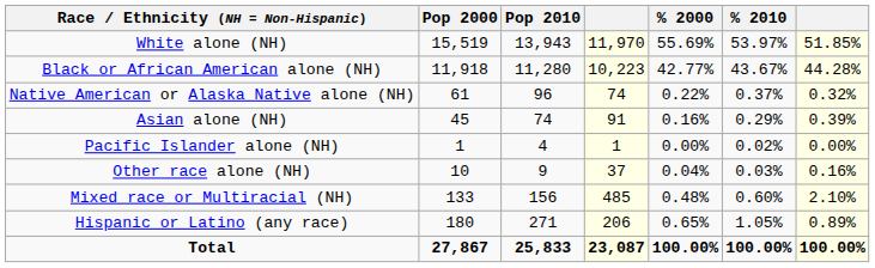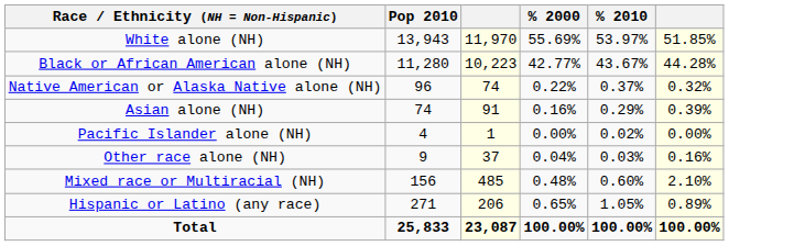 <table class="wikitable" style="text-align:center;">
 <tr>
 <th>Race / Ethnicity <small>(<em>NH = Non-Hispanic</em>)</small></th>
-<th>Pop 2000</th>
 <th>Pop 2010</th>
 <th></th>
 <th>% 2000</th>
 <th>% 2010</th>
 <th></th>
 </tr>
 <tr>
 <td><a href='#'>White</a> alone (NH)</td>
-<td>15,519</td>
 <td>13,943</td>
 <td style='background: #ffffe6;'>11,970</td>
 <td>55.69%</td>
 <td>53.97%</td>
 <td style='background: #ffffe6;'>51.85%</td>
 </tr>
 <tr>
 <td><a href='#'>Black or African American</a> alone (NH)</td>
-<td>11,918</td>
 <td>11,280</td>
 <td style='background: #ffffe6;'>10,223</td>
 <td>42.77%</td>
 <td>43.67%</td>
 <td style='background: #ffffe6;'>44.28%</td>
 </tr>
 <tr>
 <td><a href='#'>Native American</a> or <a href='#'>Alaska Native</a> alone (NH)</td>
-<td>61</td>
 <td>96</td>
 <td style='background: #ffffe6;'>74</td>
 <td>0.22%</td>
 <td>0.37%</td>
 <td style='background: #ffffe6;'>0.32%</td>
 </tr>
 <tr>
 <td><a href='#'>Asian</a> alone (NH)</td>
-<td>45</td>
 <td>74</td>
 <td style='background: #ffffe6;'>91</td>
 <td>0.16%</td>
 <td>0.29%</td>
 <td style='background: #ffffe6;'>0.39%</td>
 </tr>
 <tr>
 <td><a href='#'>Pacific Islander</a> alone (NH)</td>
-<td>1</td>
 <td>4</td>
 <td style='background: #ffffe6;'>1</td>
 <td>0.00%</td>
 <td>0.02%</td>
 <td style='background: #ffffe6;'>0.00%</td>
 </tr>
 <tr>
 <td><a href='#'>Other race</a> alone (NH)</td>
-<td>10</td>
 <td>9</td>
 <td style='background: #ffffe6;'>37</td>
 <td>0.04%</td>
 <td>0.03%</td>
 <td style='background: #ffffe6;'>0.16%</td>
 </tr>
 <tr>
 <td><a href='#'>Mixed race or Multiracial</a> (NH)</td>
-<td>133</td>
 <td>156</td>
 <td style='background: #ffffe6;'>485</td>
 <td>0.48%</td>
 <td>0.60%</td>
 <td style='background: #ffffe6;'>2.10%</td>
 </tr>
 <tr>
 <td><a href='#'>Hispanic or Latino</a> (any race)</td>
-<td>180</td>
 <td>271</td>
 <td style='background: #ffffe6;'>206</td>
 <td>0.65%</td>
 <td>1.05%</td>
 <td style='background: #ffffe6;'>0.89%</td>
 </tr>
 <tr>
 <td><strong>Total</strong></td>
-<td><strong>27,867</strong></td>
 <td><strong>25,833</strong></td>
 <td style='background: #ffffe6;'><strong>23,087</strong></td>
 <td><strong>100.00%</strong></td>
 <td><strong>100.00%</strong></td>
 <td style='background: #ffffe6;'><strong>100.00%</strong></td>
 </tr>
 </table>
